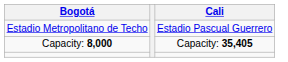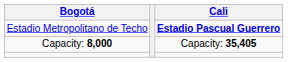 <table class="wikitable" style="text-align:center">
 <tr>
 <th><a href='#'>Bogotá</a></th>
 <th rowspan="6"></th>
 <th><a href='#'>Cali</a></th>
 </tr>
 <tr>
 <td><a href='#'>Estadio Metropolitano de Techo</a></td>
-<td><a href='#'>Estadio Pascual Guerrero</a></td>
+<td><strong><a href='#'>Estadio Pascual Guerrero</a></strong></td>
 </tr>
 <tr>
 <td>Capacity: <strong>8,000</strong></td>
 <td>Capacity: <strong>35,405</strong></td>
 </tr>
 <tr>
 <td></td>
 <td></td>
 </tr>
 </table>
